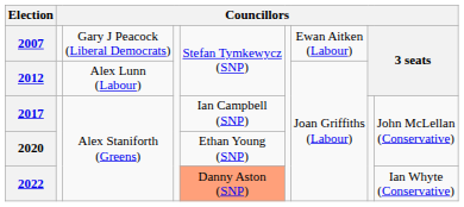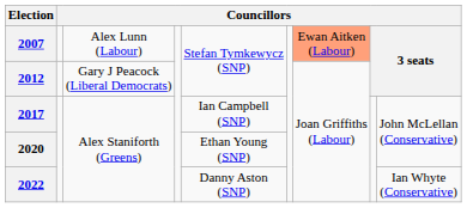 <table class="wikitable" style="text-align:center">
 <tr>
 <th>Election</th>
 <th colspan=8>Councillors</th>
 </tr>
 <tr>
 <th><a href='#'>2007</a></th>
 <td rowspan=1; style="background-color: "></td>
-<td rowspan=1>Gary J Peacock<br>(<a href='#'>Liberal Democrats</a>)</td>
+<td rowspan=1>Alex Lunn<br>(<a href='#'>Labour</a>)</td>
 <td rowspan=5; style="background-color: "></td>
 <td rowspan=2><a href='#'>Stefan Tymkewycz</a><br>(<a href='#'>SNP</a>)</td>
 <td rowspan=5; style="background-color: "></td>
-<td rowspan=1>Ewan Aitken<br>(<a href='#'>Labour</a>)</td>
+<td rowspan=1 style="background: lightsalmon;">Ewan Aitken<br>(<a href='#'>Labour</a>)</td>
 <th colspan=2; rowspan=2>3 seats</th>
 </tr>
 <tr>
 <th><a href='#'>2012</a></th>
 <td rowspan=1; style="background-color: "></td>
-<td rowspan=1>Alex Lunn<br>(<a href='#'>Labour</a>)</td>
+<td rowspan=1>Gary J Peacock<br>(<a href='#'>Liberal Democrats</a>)</td>
 <td rowspan=4>Joan Griffiths<br>(<a href='#'>Labour</a>)</td>
 </tr>
 <tr>
 <th><a href='#'>2017</a></th>
 <td rowspan=3; style="background-color: "></td>
 <td rowspan=3>Alex Staniforth<br>(<a href='#'>Greens</a>)</td>
 <td rowspan=1>Ian Campbell<br>(<a href='#'>SNP</a>)</td>
 <td rowspan=3; style="background-color: "></td>
 <td rowspan=2>John McLellan<br>(<a href='#'>Conservative</a>)</td>
 </tr>
 <tr>
 <th>2020</th>
 <td rowspan=1>Ethan Young<br>(<a href='#'>SNP</a>)</td>
 </tr>
 <tr>
 <th><a href='#'>2022</a></th>
-<td rowspan=1 style="background: lightsalmon;">Danny Aston<br>(<a href='#'>SNP</a>)</td>
+<td rowspan=1>Danny Aston<br>(<a href='#'>SNP</a>)</td>
 <td rowspan=1>Ian Whyte<br>(<a href='#'>Conservative</a>)</td>
 </tr>
 </table>
